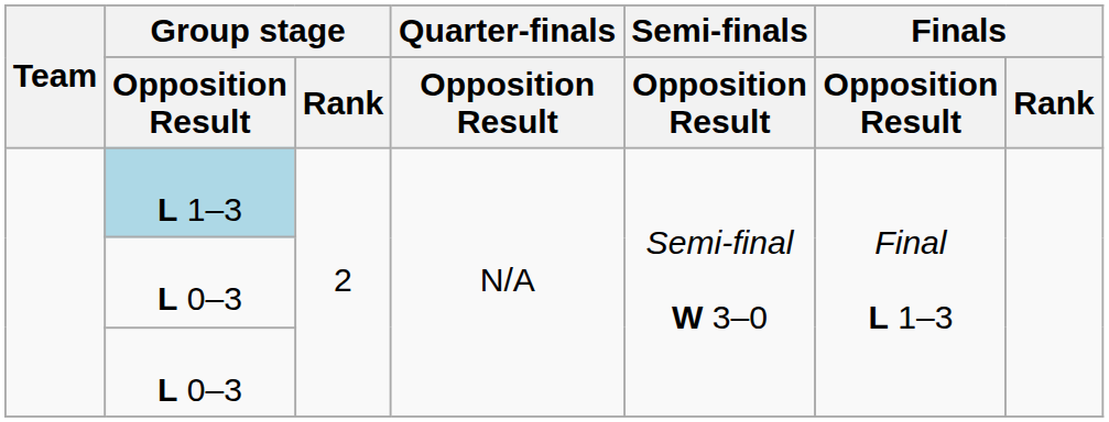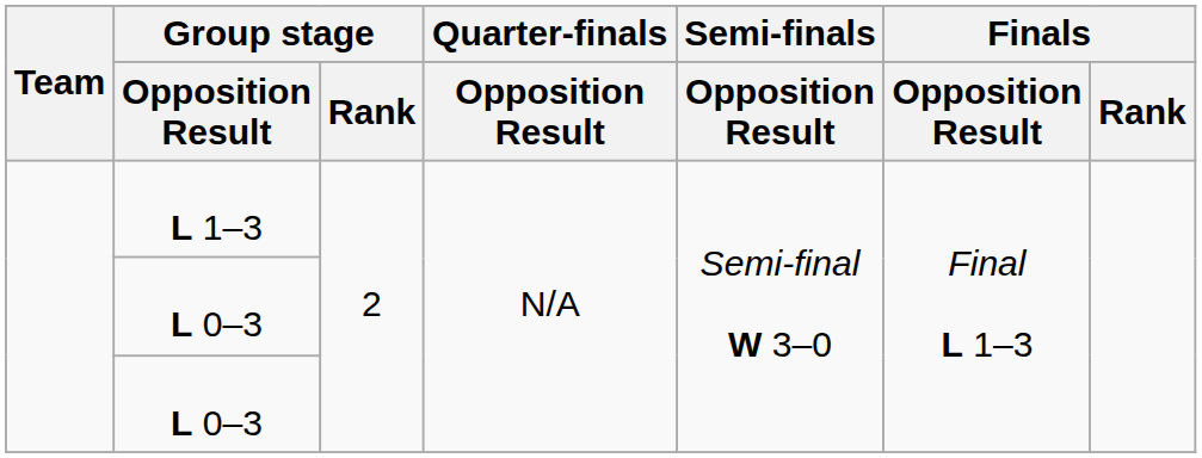 <table class=wikitable>
 <tr>
 <th rowspan="2">Team</th>
 <th colspan="2">Group stage</th>
 <th>Quarter-finals</th>
 <th>Semi-finals</th>
 <th colspan="2">Finals</th>
 </tr>
 <tr>
 <th>Opposition<br>Result</th>
 <th>Rank</th>
 <th>Opposition<br>Result</th>
 <th>Opposition<br>Result</th>
 <th>Opposition<br>Result</th>
 <th>Rank</th>
 </tr>
 <tr>
 <td rowspan="3"></td>
-<td align="center" style="background: lightblue;"><br><strong>L</strong> 1–3</td>
+<td align="center"><br><strong>L</strong> 1–3</td>
 <td align="center" rowspan="3">2</td>
 <td align="center" rowspan="3">N/A</td>
 <td align="center" rowspan="3"><em>Semi-final</em><br><br><strong>W</strong> 3–0</td>
 <td align="center" rowspan="3"><em>Final</em><br><br><strong>L</strong> 1–3</td>
 <td align="center" rowspan="3"></td>
 </tr>
 <tr>
 <td align="center"><br><strong>L</strong> 0–3</td>
 </tr>
 <tr>
 <td align="center"><br><strong>L</strong> 0–3</td>
 </tr>
 </table>
